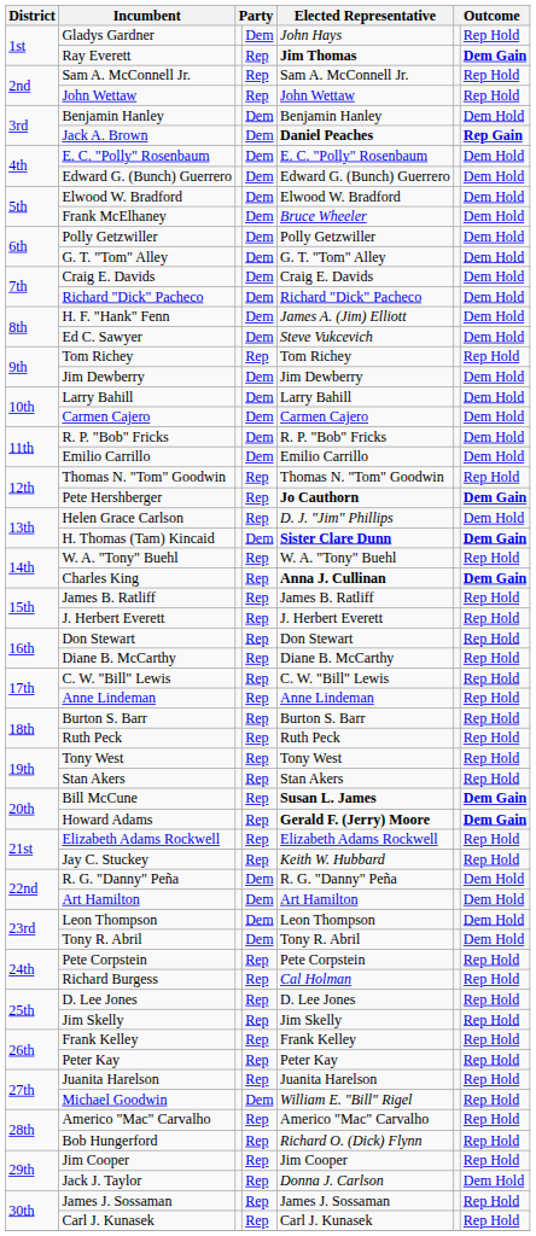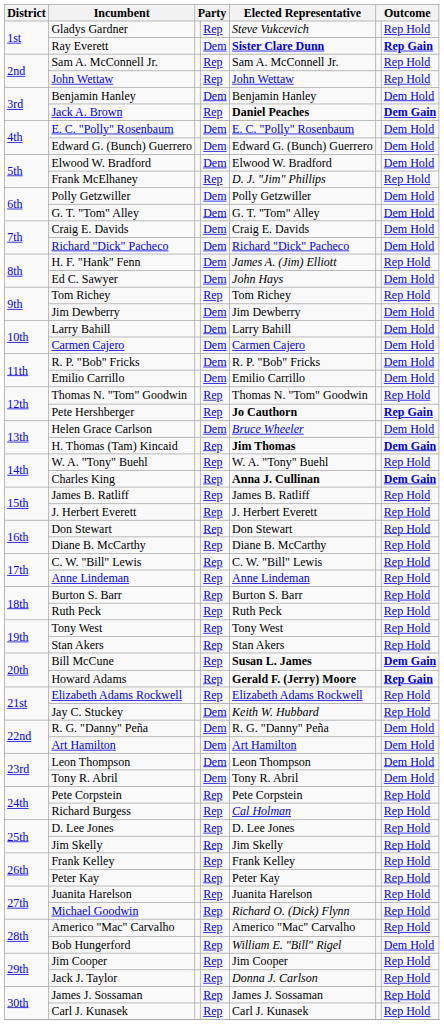 <table class="sortable wikitable" style="font-size:95%;line-height:14px;">
 <tr>
 <th>District</th>
 <th>Incumbent</th>
 <th colspan="2">Party</th>
 <th>Elected Representative</th>
 <th colspan="2">Outcome</th>
 </tr>
 <tr>
 <td rowspan="2"><a href='#'>1st</a></td>
 <td>Gladys Gardner</td>
 <td style="background:"></td>
-<td><a href='#'>Dem</a></td>
-<td><em>John Hays</em></td>
+<td><a href='#'>Rep</a></td>
+<td><em>Steve Vukcevich</em></td>
 <td style="background:"></td>
 <td><a href='#'>Rep Hold</a></td>
 </tr>
 <tr>
 <td>Ray Everett</td>
 <td style="background:"></td>
-<td><a href='#'>Rep</a></td>
-<td><strong>Jim Thomas</strong></td>
+<td><a href='#'>Dem</a></td>
+<td><strong><a href='#'>Sister Clare Dunn</a></strong></td>
 <td style="background:"></td>
-<td><strong><a href='#'>Dem Gain</a></strong></td>
+<td><strong><a href='#'>Rep Gain</a></strong></td>
 </tr>
 <tr>
 <td rowspan="2"><a href='#'>2nd</a></td>
 <td>Sam A. McConnell Jr.</td>
 <td style="background:"></td>
 <td><a href='#'>Rep</a></td>
 <td>Sam A. McConnell Jr.</td>
 <td style="background:"></td>
 <td><a href='#'>Rep Hold</a></td>
 </tr>
 <tr>
 <td><a href='#'>John Wettaw</a></td>
 <td style="background:"></td>
 <td><a href='#'>Rep</a></td>
 <td><a href='#'>John Wettaw</a></td>
 <td style="background:"></td>
 <td><a href='#'>Rep Hold</a></td>
 </tr>
 <tr>
 <td rowspan="2"><a href='#'>3rd</a></td>
 <td>Benjamin Hanley</td>
 <td style="background:"></td>
 <td><a href='#'>Dem</a></td>
 <td>Benjamin Hanley</td>
 <td style="background:"></td>
 <td><a href='#'>Dem Hold</a></td>
 </tr>
 <tr>
 <td><a href='#'>Jack A. Brown</a></td>
 <td style="background:"></td>
-<td><a href='#'>Dem</a></td>
+<td><a href='#'>Rep</a></td>
 <td><strong>Daniel Peaches</strong></td>
 <td style="background:"></td>
-<td><strong><a href='#'>Rep Gain</a></strong></td>
+<td><strong><a href='#'>Dem Gain</a></strong></td>
 </tr>
 <tr>
 <td rowspan="2"><a href='#'>4th</a></td>
 <td><a href='#'>E. C. "Polly" Rosenbaum</a></td>
 <td style="background:"></td>
 <td><a href='#'>Dem</a></td>
 <td><a href='#'>E. C. "Polly" Rosenbaum</a></td>
 <td style="background:"></td>
 <td><a href='#'>Dem Hold</a></td>
 </tr>
 <tr>
 <td>Edward G. (Bunch) Guerrero</td>
 <td style="background:"></td>
 <td><a href='#'>Dem</a></td>
 <td>Edward G. (Bunch) Guerrero</td>
 <td style="background:"></td>
 <td><a href='#'>Dem Hold</a></td>
 </tr>
 <tr>
 <td rowspan="2"><a href='#'>5th</a></td>
 <td>Elwood W. Bradford</td>
 <td style="background:"></td>
 <td><a href='#'>Dem</a></td>
 <td>Elwood W. Bradford</td>
 <td style="background:"></td>
 <td><a href='#'>Dem Hold</a></td>
 </tr>
 <tr>
 <td>Frank McElhaney</td>
 <td style="background:"></td>
-<td><a href='#'>Dem</a></td>
-<td><em><a href='#'>Bruce Wheeler</a></em></td>
+<td><a href='#'>Rep</a></td>
+<td><em>D. J. "Jim" Phillips</em></td>
 <td style="background:"></td>
-<td><a href='#'>Dem Hold</a></td>
+<td><a href='#'>Rep Hold</a></td>
 </tr>
 <tr>
 <td rowspan="2"><a href='#'>6th</a></td>
 <td>Polly Getzwiller</td>
 <td style="background:"></td>
 <td><a href='#'>Dem</a></td>
 <td>Polly Getzwiller</td>
 <td style="background:"></td>
 <td><a href='#'>Dem Hold</a></td>
 </tr>
 <tr>
 <td>G. T. "Tom" Alley</td>
 <td style="background:"></td>
 <td><a href='#'>Dem</a></td>
 <td>G. T. "Tom" Alley</td>
 <td style="background:"></td>
 <td><a href='#'>Dem Hold</a></td>
 </tr>
 <tr>
 <td rowspan="2"><a href='#'>7th</a></td>
 <td>Craig E. Davids</td>
 <td style="background:"></td>
 <td><a href='#'>Dem</a></td>
 <td>Craig E. Davids</td>
 <td style="background:"></td>
 <td><a href='#'>Dem Hold</a></td>
 </tr>
 <tr>
 <td><a href='#'>Richard "Dick" Pacheco</a></td>
 <td style="background:"></td>
 <td><a href='#'>Dem</a></td>
 <td><a href='#'>Richard "Dick" Pacheco</a></td>
 <td style="background:"></td>
 <td><a href='#'>Dem Hold</a></td>
 </tr>
 <tr>
 <td rowspan="2"><a href='#'>8th</a></td>
 <td>H. F. "Hank" Fenn</td>
 <td style="background:"></td>
 <td><a href='#'>Dem</a></td>
 <td><em>James A. (Jim) Elliott</em></td>
 <td style="background:"></td>
-<td><a href='#'>Dem Hold</a></td>
+<td><a href='#'>Rep Hold</a></td>
 </tr>
 <tr>
 <td>Ed C. Sawyer</td>
 <td style="background:"></td>
 <td><a href='#'>Dem</a></td>
-<td><em>Steve Vukcevich</em></td>
+<td><em>John Hays</em></td>
 <td style="background:"></td>
 <td><a href='#'>Dem Hold</a></td>
 </tr>
 <tr>
 <td rowspan="2"><a href='#'>9th</a></td>
 <td>Tom Richey</td>
 <td style="background:"></td>
 <td><a href='#'>Rep</a></td>
 <td>Tom Richey</td>
 <td style="background:"></td>
 <td><a href='#'>Rep Hold</a></td>
 </tr>
 <tr>
 <td>Jim Dewberry</td>
 <td style="background:"></td>
 <td><a href='#'>Dem</a></td>
 <td>Jim Dewberry</td>
 <td style="background:"></td>
 <td><a href='#'>Dem Hold</a></td>
 </tr>
 <tr>
 <td rowspan="2"><a href='#'>10th</a></td>
 <td>Larry Bahill</td>
 <td style="background:"></td>
 <td><a href='#'>Dem</a></td>
 <td>Larry Bahill</td>
 <td style="background:"></td>
 <td><a href='#'>Dem Hold</a></td>
 </tr>
 <tr>
 <td><a href='#'>Carmen Cajero</a></td>
 <td style="background:"></td>
 <td><a href='#'>Dem</a></td>
 <td><a href='#'>Carmen Cajero</a></td>
 <td style="background:"></td>
 <td><a href='#'>Dem Hold</a></td>
 </tr>
 <tr>
 <td rowspan="2"><a href='#'>11th</a></td>
 <td>R. P. "Bob" Fricks</td>
 <td style="background:"></td>
 <td><a href='#'>Dem</a></td>
 <td>R. P. "Bob" Fricks</td>
 <td style="background:"></td>
 <td><a href='#'>Dem Hold</a></td>
 </tr>
 <tr>
 <td>Emilio Carrillo</td>
 <td style="background:"></td>
 <td><a href='#'>Dem</a></td>
 <td>Emilio Carrillo</td>
 <td style="background:"></td>
 <td><a href='#'>Dem Hold</a></td>
 </tr>
 <tr>
 <td rowspan="2"><a href='#'>12th</a></td>
 <td>Thomas N. "Tom" Goodwin</td>
 <td style="background:"></td>
 <td><a href='#'>Rep</a></td>
 <td>Thomas N. "Tom" Goodwin</td>
 <td style="background:"></td>
 <td><a href='#'>Rep Hold</a></td>
 </tr>
 <tr>
 <td>Pete Hershberger</td>
 <td style="background:"></td>
 <td><a href='#'>Rep</a></td>
 <td><strong>Jo Cauthorn</strong></td>
 <td style="background:"></td>
-<td><strong><a href='#'>Dem Gain</a></strong></td>
+<td><strong><a href='#'>Rep Gain</a></strong></td>
 </tr>
 <tr>
 <td rowspan="2"><a href='#'>13th</a></td>
 <td>Helen Grace Carlson</td>
 <td style="background:"></td>
-<td><a href='#'>Rep</a></td>
-<td><em>D. J. "Jim" Phillips</em></td>
+<td><a href='#'>Dem</a></td>
+<td><em><a href='#'>Bruce Wheeler</a></em></td>
 <td style="background:"></td>
 <td><a href='#'>Dem Hold</a></td>
 </tr>
 <tr>
 <td>H. Thomas (Tam) Kincaid</td>
 <td style="background:"></td>
-<td><a href='#'>Dem</a></td>
-<td><strong><a href='#'>Sister Clare Dunn</a></strong></td>
+<td><a href='#'>Rep</a></td>
+<td><strong>Jim Thomas</strong></td>
 <td style="background:"></td>
 <td><strong><a href='#'>Dem Gain</a></strong></td>
 </tr>
 <tr>
 <td rowspan="2"><a href='#'>14th</a></td>
 <td>W. A. "Tony" Buehl</td>
 <td style="background:"></td>
 <td><a href='#'>Rep</a></td>
 <td>W. A. "Tony" Buehl</td>
 <td style="background:"></td>
 <td><a href='#'>Rep Hold</a></td>
 </tr>
 <tr>
 <td>Charles King</td>
 <td style="background:"></td>
 <td><a href='#'>Rep</a></td>
 <td><strong>Anna J. Cullinan</strong></td>
 <td style="background:"></td>
 <td><strong><a href='#'>Dem Gain</a></strong></td>
 </tr>
 <tr>
 <td rowspan="2"><a href='#'>15th</a></td>
 <td>James B. Ratliff</td>
 <td style="background:"></td>
 <td><a href='#'>Rep</a></td>
 <td>James B. Ratliff</td>
 <td style="background:"></td>
 <td><a href='#'>Rep Hold</a></td>
 </tr>
 <tr>
 <td>J. Herbert Everett</td>
 <td style="background:"></td>
 <td><a href='#'>Rep</a></td>
 <td>J. Herbert Everett</td>
 <td style="background:"></td>
 <td><a href='#'>Rep Hold</a></td>
 </tr>
 <tr>
 <td rowspan="2"><a href='#'>16th</a></td>
 <td>Don Stewart</td>
 <td style="background:"></td>
 <td><a href='#'>Rep</a></td>
 <td>Don Stewart</td>
 <td style="background:"></td>
 <td><a href='#'>Rep Hold</a></td>
 </tr>
 <tr>
 <td>Diane B. McCarthy</td>
 <td style="background:"></td>
 <td><a href='#'>Rep</a></td>
 <td>Diane B. McCarthy</td>
 <td style="background:"></td>
 <td><a href='#'>Rep Hold</a></td>
 </tr>
 <tr>
 <td rowspan="2"><a href='#'>17th</a></td>
 <td>C. W. "Bill" Lewis</td>
 <td style="background:"></td>
 <td><a href='#'>Rep</a></td>
 <td>C. W. "Bill" Lewis</td>
 <td style="background:"></td>
 <td><a href='#'>Rep Hold</a></td>
 </tr>
 <tr>
 <td><a href='#'>Anne Lindeman</a></td>
 <td style="background:"></td>
 <td><a href='#'>Rep</a></td>
 <td><a href='#'>Anne Lindeman</a></td>
 <td style="background:"></td>
 <td><a href='#'>Rep Hold</a></td>
 </tr>
 <tr>
 <td rowspan="2"><a href='#'>18th</a></td>
 <td>Burton S. Barr</td>
 <td style="background:"></td>
 <td><a href='#'>Rep</a></td>
 <td>Burton S. Barr</td>
 <td style="background:"></td>
 <td><a href='#'>Rep Hold</a></td>
 </tr>
 <tr>
 <td>Ruth Peck</td>
 <td style="background:"></td>
 <td><a href='#'>Rep</a></td>
 <td>Ruth Peck</td>
 <td style="background:"></td>
 <td><a href='#'>Rep Hold</a></td>
 </tr>
 <tr>
 <td rowspan="2"><a href='#'>19th</a></td>
 <td>Tony West</td>
 <td style="background:"></td>
 <td><a href='#'>Rep</a></td>
 <td>Tony West</td>
 <td style="background:"></td>
 <td><a href='#'>Rep Hold</a></td>
 </tr>
 <tr>
 <td>Stan Akers</td>
 <td style="background:"></td>
 <td><a href='#'>Rep</a></td>
 <td>Stan Akers</td>
 <td style="background:"></td>
 <td><a href='#'>Rep Hold</a></td>
 </tr>
 <tr>
 <td rowspan="2"><a href='#'>20th</a></td>
 <td>Bill McCune</td>
 <td style="background:"></td>
 <td><a href='#'>Rep</a></td>
 <td><strong>Susan L. James</strong></td>
 <td style="background:"></td>
 <td><strong><a href='#'>Dem Gain</a></strong></td>
 </tr>
 <tr>
 <td>Howard Adams</td>
 <td style="background:"></td>
 <td><a href='#'>Rep</a></td>
 <td><strong>Gerald F. (Jerry) Moore</strong></td>
 <td style="background:"></td>
-<td><strong><a href='#'>Dem Gain</a></strong></td>
+<td><strong><a href='#'>Rep Gain</a></strong></td>
 </tr>
 <tr>
 <td rowspan="2"><a href='#'>21st</a></td>
 <td><a href='#'>Elizabeth Adams Rockwell</a></td>
 <td style="background:"></td>
 <td><a href='#'>Rep</a></td>
 <td><a href='#'>Elizabeth Adams Rockwell</a></td>
 <td style="background:"></td>
 <td><a href='#'>Rep Hold</a></td>
 </tr>
 <tr>
 <td>Jay C. Stuckey</td>
 <td style="background:"></td>
-<td><a href='#'>Rep</a></td>
+<td><a href='#'>Dem</a></td>
 <td><em>Keith W. Hubbard</em></td>
 <td style="background:"></td>
 <td><a href='#'>Rep Hold</a></td>
 </tr>
 <tr>
 <td rowspan="2"><a href='#'>22nd</a></td>
 <td>R. G. "Danny" Peña</td>
 <td style="background:"></td>
 <td><a href='#'>Dem</a></td>
 <td>R. G. "Danny" Peña</td>
 <td style="background:"></td>
 <td><a href='#'>Dem Hold</a></td>
 </tr>
 <tr>
 <td><a href='#'>Art Hamilton</a></td>
 <td style="background:"></td>
 <td><a href='#'>Dem</a></td>
 <td><a href='#'>Art Hamilton</a></td>
 <td style="background:"></td>
 <td><a href='#'>Dem Hold</a></td>
 </tr>
 <tr>
 <td rowspan="2"><a href='#'>23rd</a></td>
 <td>Leon Thompson</td>
 <td style="background:"></td>
 <td><a href='#'>Dem</a></td>
 <td>Leon Thompson</td>
 <td style="background:"></td>
 <td><a href='#'>Dem Hold</a></td>
 </tr>
 <tr>
 <td>Tony R. Abril</td>
 <td style="background:"></td>
 <td><a href='#'>Dem</a></td>
 <td>Tony R. Abril</td>
 <td style="background:"></td>
 <td><a href='#'>Dem Hold</a></td>
 </tr>
 <tr>
 <td rowspan="2"><a href='#'>24th</a></td>
 <td>Pete Corpstein</td>
 <td style="background:"></td>
 <td><a href='#'>Rep</a></td>
 <td>Pete Corpstein</td>
 <td style="background:"></td>
 <td><a href='#'>Rep Hold</a></td>
 </tr>
 <tr>
 <td>Richard Burgess</td>
 <td style="background:"></td>
 <td><a href='#'>Rep</a></td>
 <td><em><a href='#'>Cal Holman</a></em></td>
 <td style="background:"></td>
 <td><a href='#'>Rep Hold</a></td>
 </tr>
 <tr>
 <td rowspan="2"><a href='#'>25th</a></td>
 <td>D. Lee Jones</td>
 <td style="background:"></td>
 <td><a href='#'>Rep</a></td>
 <td>D. Lee Jones</td>
 <td style="background:"></td>
 <td><a href='#'>Rep Hold</a></td>
 </tr>
 <tr>
 <td>Jim Skelly</td>
 <td style="background:"></td>
 <td><a href='#'>Rep</a></td>
 <td>Jim Skelly</td>
 <td style="background:"></td>
 <td><a href='#'>Rep Hold</a></td>
 </tr>
 <tr>
 <td rowspan="2"><a href='#'>26th</a></td>
 <td>Frank Kelley</td>
 <td style="background:"></td>
 <td><a href='#'>Rep</a></td>
 <td>Frank Kelley</td>
 <td style="background:"></td>
 <td><a href='#'>Rep Hold</a></td>
 </tr>
 <tr>
 <td>Peter Kay</td>
 <td style="background:"></td>
 <td><a href='#'>Rep</a></td>
 <td>Peter Kay</td>
 <td style="background:"></td>
 <td><a href='#'>Rep Hold</a></td>
 </tr>
 <tr>
 <td rowspan="2"><a href='#'>27th</a></td>
 <td>Juanita Harelson</td>
 <td style="background:"></td>
 <td><a href='#'>Rep</a></td>
 <td>Juanita Harelson</td>
 <td style="background:"></td>
 <td><a href='#'>Rep Hold</a></td>
 </tr>
 <tr>
 <td><a href='#'>Michael Goodwin</a></td>
 <td style="background:"></td>
-<td><a href='#'>Dem</a></td>
-<td><em>William E. "Bill" Rigel</em></td>
+<td><a href='#'>Rep</a></td>
+<td><em>Richard O. (Dick) Flynn</em></td>
 <td style="background:"></td>
 <td><a href='#'>Rep Hold</a></td>
 </tr>
 <tr>
 <td rowspan="2"><a href='#'>28th</a></td>
 <td>Americo "Mac" Carvalho</td>
 <td style="background:"></td>
 <td><a href='#'>Rep</a></td>
 <td>Americo "Mac" Carvalho</td>
 <td style="background:"></td>
 <td><a href='#'>Rep Hold</a></td>
 </tr>
 <tr>
 <td>Bob Hungerford</td>
 <td style="background:"></td>
 <td><a href='#'>Rep</a></td>
-<td><em>Richard O. (Dick) Flynn</em></td>
+<td><em>William E. "Bill" Rigel</em></td>
 <td style="background:"></td>
-<td><a href='#'>Rep Hold</a></td>
+<td><a href='#'>Dem Hold</a></td>
 </tr>
 <tr>
 <td rowspan="2"><a href='#'>29th</a></td>
 <td>Jim Cooper</td>
 <td style="background:"></td>
 <td><a href='#'>Rep</a></td>
 <td>Jim Cooper</td>
 <td style="background:"></td>
 <td><a href='#'>Rep Hold</a></td>
 </tr>
 <tr>
 <td>Jack J. Taylor</td>
 <td style="background:"></td>
 <td><a href='#'>Rep</a></td>
 <td><em>Donna J. Carlson</em></td>
 <td style="background:"></td>
-<td><a href='#'>Dem Hold</a></td>
+<td><a href='#'>Rep Hold</a></td>
 </tr>
 <tr>
 <td rowspan="2"><a href='#'>30th</a></td>
 <td>James J. Sossaman</td>
 <td style="background:"></td>
 <td><a href='#'>Rep</a></td>
 <td>James J. Sossaman</td>
 <td style="background:"></td>
 <td><a href='#'>Rep Hold</a></td>
 </tr>
 <tr>
 <td>Carl J. Kunasek</td>
 <td style="background:"></td>
 <td><a href='#'>Rep</a></td>
 <td>Carl J. Kunasek</td>
 <td style="background:"></td>
 <td><a href='#'>Rep Hold</a></td>
 </tr>
 <tr>
 </tr>
 </table>
